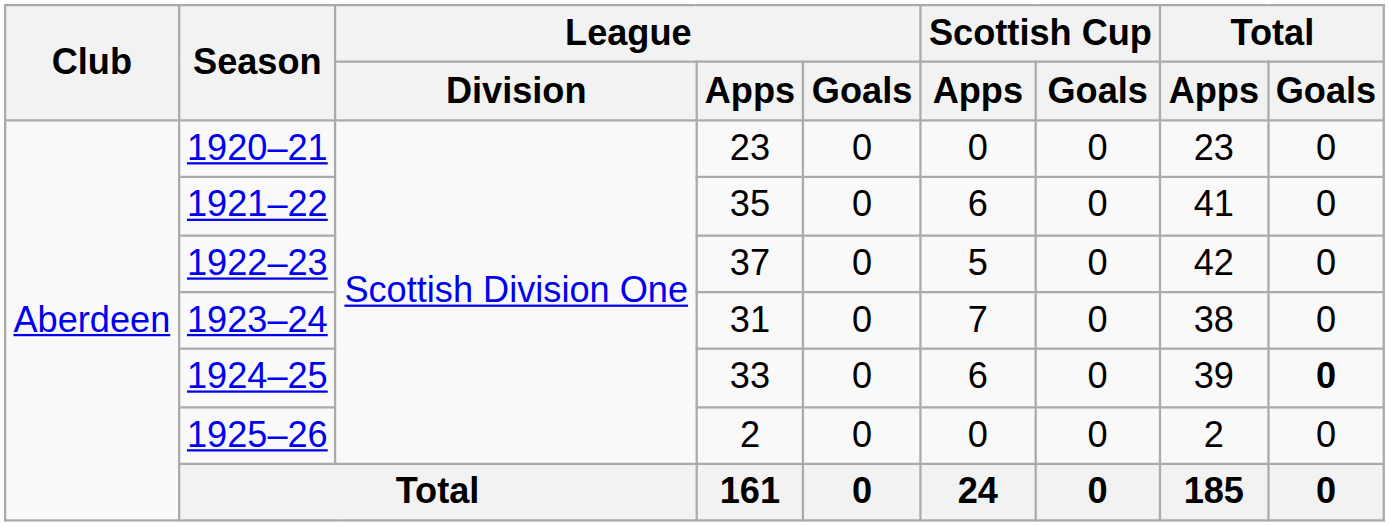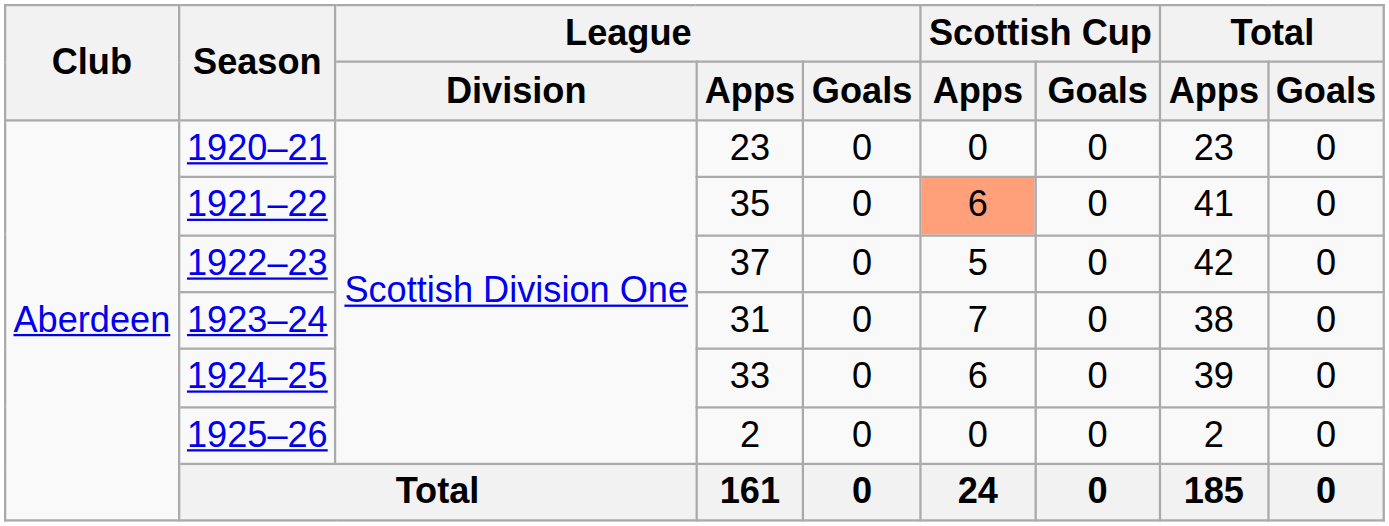 <table class="wikitable" style="text-align:center">
 <tr>
 <th rowspan="2">Club</th>
 <th rowspan="2">Season</th>
 <th colspan="3">League</th>
 <th colspan="2">Scottish Cup</th>
 <th colspan="2">Total</th>
 </tr>
 <tr>
 <th>Division</th>
 <th>Apps</th>
 <th>Goals</th>
 <th>Apps</th>
 <th>Goals</th>
 <th>Apps</th>
 <th>Goals</th>
 </tr>
 <tr>
 <td rowspan="7"><a href='#'>Aberdeen</a></td>
 <td><a href='#'>1920–21</a></td>
 <td rowspan="6"><a href='#'>Scottish Division One</a></td>
 <td>23</td>
 <td>0</td>
 <td>0</td>
 <td>0</td>
 <td>23</td>
 <td>0</td>
 </tr>
 <tr>
 <td><a href='#'>1921–22</a></td>
 <td>35</td>
 <td>0</td>
-<td>6</td>
+<td style="background: lightsalmon;">6</td>
 <td>0</td>
 <td>41</td>
 <td>0</td>
 </tr>
 <tr>
 <td><a href='#'>1922–23</a></td>
 <td>37</td>
 <td>0</td>
 <td>5</td>
 <td>0</td>
 <td>42</td>
 <td>0</td>
 </tr>
 <tr>
 <td><a href='#'>1923–24</a></td>
 <td>31</td>
 <td>0</td>
 <td>7</td>
 <td>0</td>
 <td>38</td>
 <td>0</td>
 </tr>
 <tr>
 <td><a href='#'>1924–25</a></td>
 <td>33</td>
 <td>0</td>
 <td>6</td>
 <td>0</td>
 <td>39</td>
-<td><strong>0</strong></td>
+<td>0</td>
 </tr>
 <tr>
 <td><a href='#'>1925–26</a></td>
 <td>2</td>
 <td>0</td>
 <td>0</td>
 <td>0</td>
 <td>2</td>
 <td>0</td>
 </tr>
 <tr>
 <th colspan="2">Total</th>
 <th>161</th>
 <th>0</th>
 <th>24</th>
 <th>0</th>
 <th>185</th>
 <th>0</th>
 </tr>
 </table>
